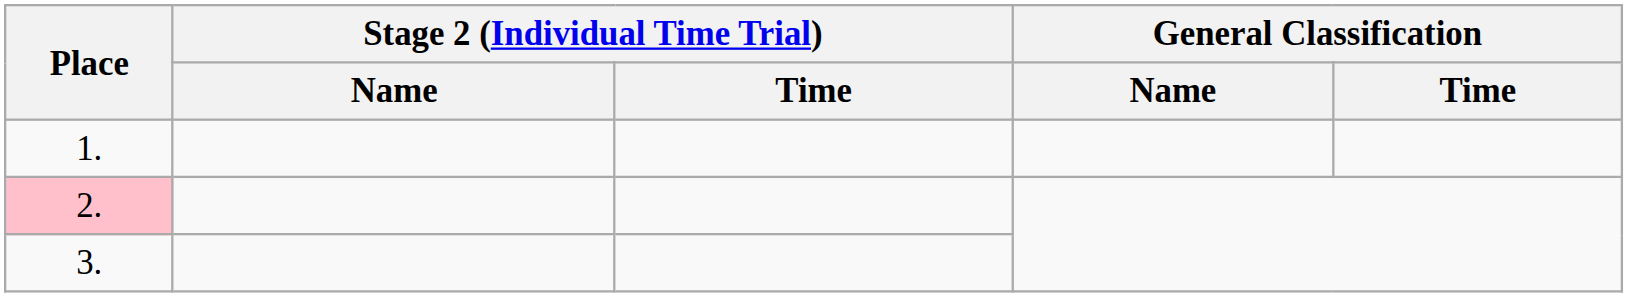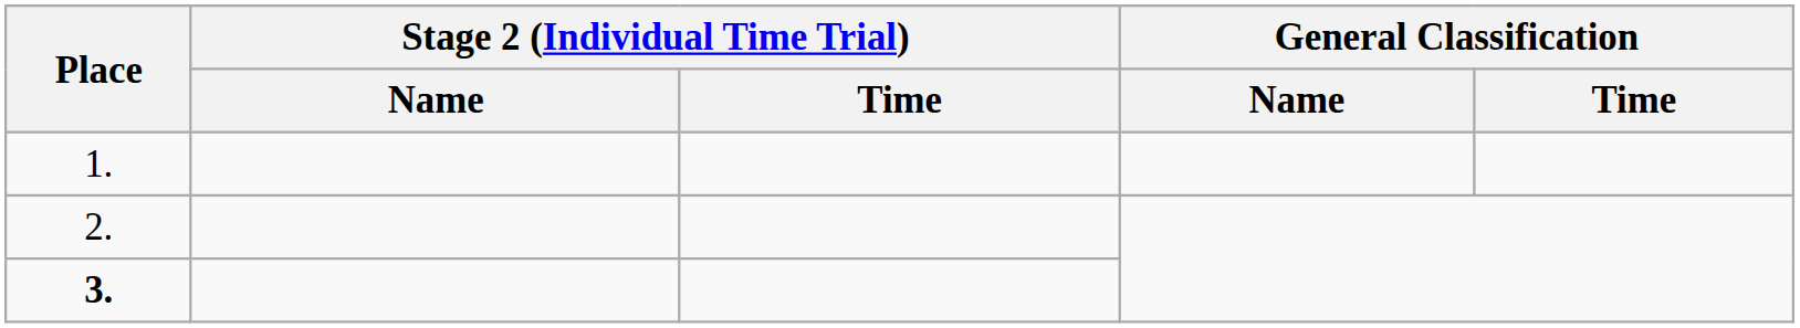 <table class=wikitable style="font-size:95%" width="80%">
 <tr>
 <th rowspan="2">Place</th>
 <th colspan="2">Stage 2 (<a href='#'>Individual Time Trial</a>)</th>
 <th colspan="2">General Classification</th>
 </tr>
 <tr>
 <th>Name</th>
 <th>Time</th>
 <th>Name</th>
 <th>Time</th>
 </tr>
 <tr>
 <td align="center">1.</td>
 <td></td>
 <td></td>
 <td></td>
 <td></td>
 </tr>
 <tr>
-<td align="center" style="background: pink;">2.</td>
+<td align="center">2.</td>
 <td></td>
 <td></td>
 </tr>
 <tr>
-<td align="center">3.</td>
+<td align="center"><strong>3.</strong></td>
 <td></td>
 <td></td>
 </tr>
 </table>
